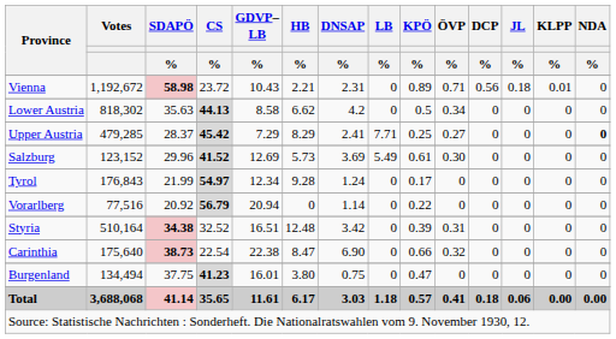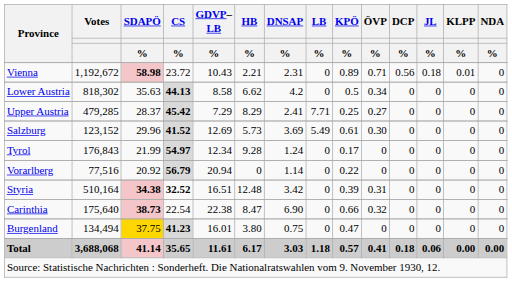 <table class="wikitable sortable" style="text-align:right; font-size:95%; line-height:20px;">
 <tr>
 <th rowspan="3">Province</th>
 <th>Votes</th>
 <th width="30px" class="unsortable"><a href='#'>SDAPÖ</a></th>
 <th width="30px" class="unsortable"><a href='#'>CS</a></th>
 <th width="30px" class="unsortable"><a href='#'>GDVP</a>–<a href='#'>LB</a></th>
 <th width="30px" class="unsortable"><a href='#'>HB</a></th>
 <th width="30px" class="unsortable"><a href='#'>DNSAP</a></th>
 <th width="30px" class="unsortable"><a href='#'>LB</a></th>
 <th width="30px" class="unsortable"><a href='#'>KPÖ</a></th>
 <th width="30px" class="unsortable">ÖVP</th>
 <th width="30px" class="unsortable">DCP</th>
 <th width="30px" class="unsortable"><a href='#'>JL</a></th>
 <th width="30px" class="unsortable">KLPP</th>
 <th width="30px" class="unsortable">NDA</th>
 </tr>
 <tr>
 <th></th>
 <th style="background:"></th>
 <th style="background:"></th>
 <th style="background:"></th>
 <th style="background:"></th>
 <th style="background:"></th>
 <th style="background:"></th>
 <th style="background:"></th>
 <th style="background:"></th>
 <th style="background:"></th>
 <th style="background:"></th>
 <th style="background:"></th>
 <th style="background:"></th>
 </tr>
 <tr>
 <th></th>
 <th data-sort-type="number">%</th>
 <th data-sort-type="number">%</th>
 <th data-sort-type="number">%</th>
 <th data-sort-type="number">%</th>
 <th data-sort-type="number">%</th>
 <th data-sort-type="number">%</th>
 <th data-sort-type="number">%</th>
 <th data-sort-type="number">%</th>
 <th data-sort-type="number">%</th>
 <th data-sort-type="number">%</th>
 <th data-sort-type="number">%</th>
 <th data-sort-type="number">%</th>
 </tr>
 <tr>
 </tr>
 <tr>
 <td align="left"><a href='#'>Vienna</a></td>
 <td>1,192,672</td>
 <td bgcolor=#F4C6C9><strong>58.98</strong></td>
 <td>23.72</td>
 <td>10.43</td>
 <td>2.21</td>
 <td>2.31</td>
 <td>0</td>
 <td>0.89</td>
 <td>0.71</td>
 <td>0.56</td>
 <td>0.18</td>
 <td>0.01</td>
 <td>0</td>
 </tr>
 <tr>
 </tr>
 <tr>
 <td align="left"><a href='#'>Lower Austria</a></td>
 <td>818,302</td>
 <td>35.63</td>
 <td bgcolor=#D9D9D9><strong>44.13</strong></td>
 <td>8.58</td>
 <td>6.62</td>
 <td>4.2</td>
 <td>0</td>
 <td>0.5</td>
 <td>0.34</td>
 <td>0</td>
 <td>0</td>
 <td>0</td>
 <td>0</td>
 </tr>
 <tr>
 </tr>
 <tr>
 <td align="left"><a href='#'>Upper Austria</a></td>
 <td>479,285</td>
 <td>28.37</td>
 <td bgcolor=#D9D9D9><strong>45.42</strong></td>
 <td>7.29</td>
 <td>8.29</td>
 <td>2.41</td>
 <td>7.71</td>
 <td>0.25</td>
 <td>0.27</td>
 <td>0</td>
 <td>0</td>
 <td>0</td>
-<td><strong>0</strong></td>
+<td>0</td>
 </tr>
 <tr>
 </tr>
 <tr>
 <td align="left"><a href='#'>Salzburg</a></td>
 <td>123,152</td>
 <td>29.96</td>
 <td bgcolor=#D9D9D9><strong>41.52</strong></td>
 <td>12.69</td>
 <td>5.73</td>
 <td>3.69</td>
 <td>5.49</td>
 <td>0.61</td>
 <td>0.30</td>
 <td>0</td>
 <td>0</td>
 <td>0</td>
 <td>0</td>
 </tr>
 <tr>
 </tr>
 <tr>
 <td align="left"><a href='#'>Tyrol</a></td>
 <td>176,843</td>
 <td>21.99</td>
 <td bgcolor=#D9D9D9><strong>54.97</strong></td>
 <td>12.34</td>
 <td>9.28</td>
 <td>1.24</td>
 <td>0</td>
 <td>0.17</td>
 <td>0</td>
 <td>0</td>
 <td>0</td>
 <td>0</td>
 <td>0</td>
 </tr>
 <tr>
 </tr>
 <tr>
 <td align="left"><a href='#'>Vorarlberg</a></td>
 <td>77,516</td>
 <td>20.92</td>
 <td bgcolor=#D9D9D9><strong>56.79</strong></td>
 <td>20.94</td>
 <td>0</td>
 <td>1.14</td>
 <td>0</td>
 <td>0.22</td>
 <td>0</td>
 <td>0</td>
 <td>0</td>
 <td>0</td>
 <td>0</td>
 </tr>
 <tr>
 </tr>
 <tr>
 <td align="left"><a href='#'>Styria</a></td>
 <td>510,164</td>
 <td bgcolor=#F4C6C9><strong>34.38</strong></td>
-<td>32.52</td>
+<td><strong>32.52</strong></td>
 <td>16.51</td>
 <td>12.48</td>
 <td>3.42</td>
 <td>0</td>
 <td>0.39</td>
 <td>0.31</td>
 <td>0</td>
 <td>0</td>
 <td>0</td>
 <td>0</td>
 </tr>
 <tr>
 </tr>
 <tr>
 <td align="left"><a href='#'>Carinthia</a></td>
 <td>175,640</td>
 <td bgcolor=#F4C6C9><strong>38.73</strong></td>
 <td>22.54</td>
 <td>22.38</td>
 <td>8.47</td>
 <td>6.90</td>
 <td>0</td>
 <td>0.66</td>
 <td>0.32</td>
 <td>0</td>
 <td>0</td>
 <td>0</td>
 <td>0</td>
 </tr>
 <tr>
 </tr>
 <tr>
 <td align="left"><a href='#'>Burgenland</a></td>
 <td>134,494</td>
-<td>37.75</td>
+<td style="background: gold;">37.75</td>
 <td bgcolor=#D9D9D9><strong>41.23</strong></td>
 <td>16.01</td>
 <td>3.80</td>
 <td>0.75</td>
 <td>0</td>
 <td>0.47</td>
 <td>0</td>
 <td>0</td>
 <td>0</td>
 <td>0</td>
 <td>0</td>
 </tr>
 <tr>
 </tr>
 <tr style="background:#CDCDCD;">
 <td align="left"><strong>Total</strong></td>
 <td><strong>3,688,068</strong></td>
 <td bgcolor=#F4C6C9><strong>41.14</strong></td>
 <td><strong>35.65</strong></td>
 <td><strong>11.61</strong></td>
 <td><strong>6.17</strong></td>
 <td><strong>3.03</strong></td>
 <td><strong>1.18</strong></td>
 <td><strong>0.57</strong></td>
 <td><strong>0.41</strong></td>
 <td><strong>0.18</strong></td>
 <td><strong>0.06</strong></td>
 <td><strong>0.00</strong></td>
 <td><strong>0.00</strong></td>
 </tr>
 <tr class=sortbottom>
 <td colspan="17" align="left">Source: Statistische Nachrichten : Sonderheft. Die Nationalratswahlen vom 9. November 1930, 12.</td>
 </tr>
 </table>
